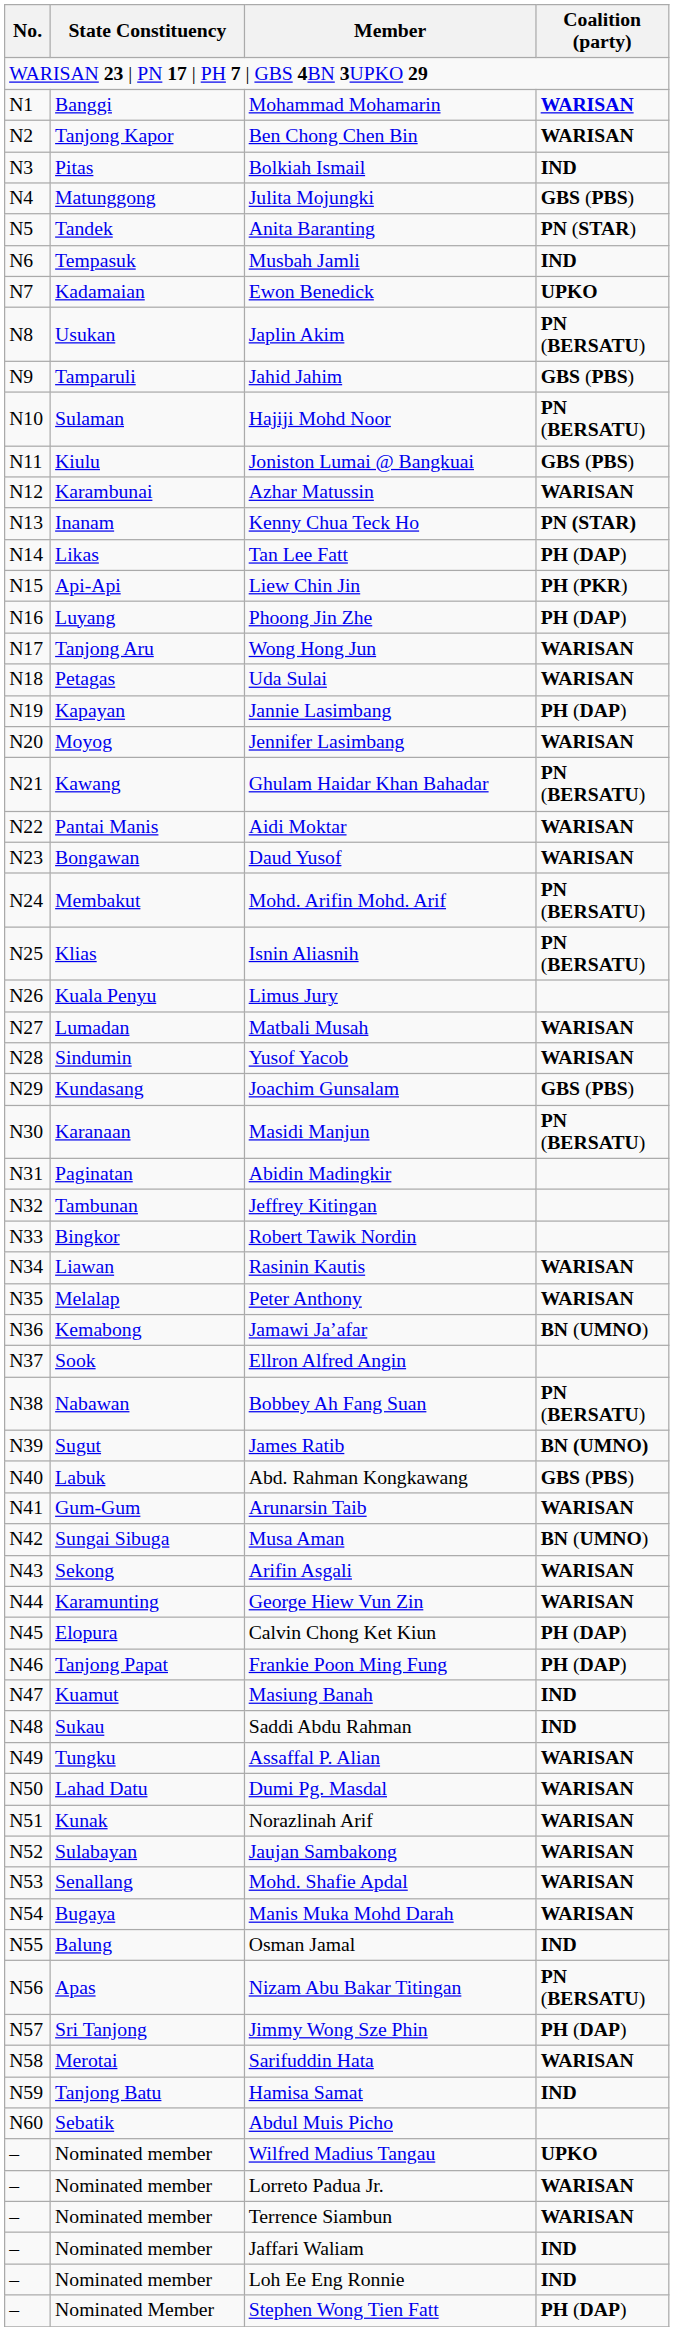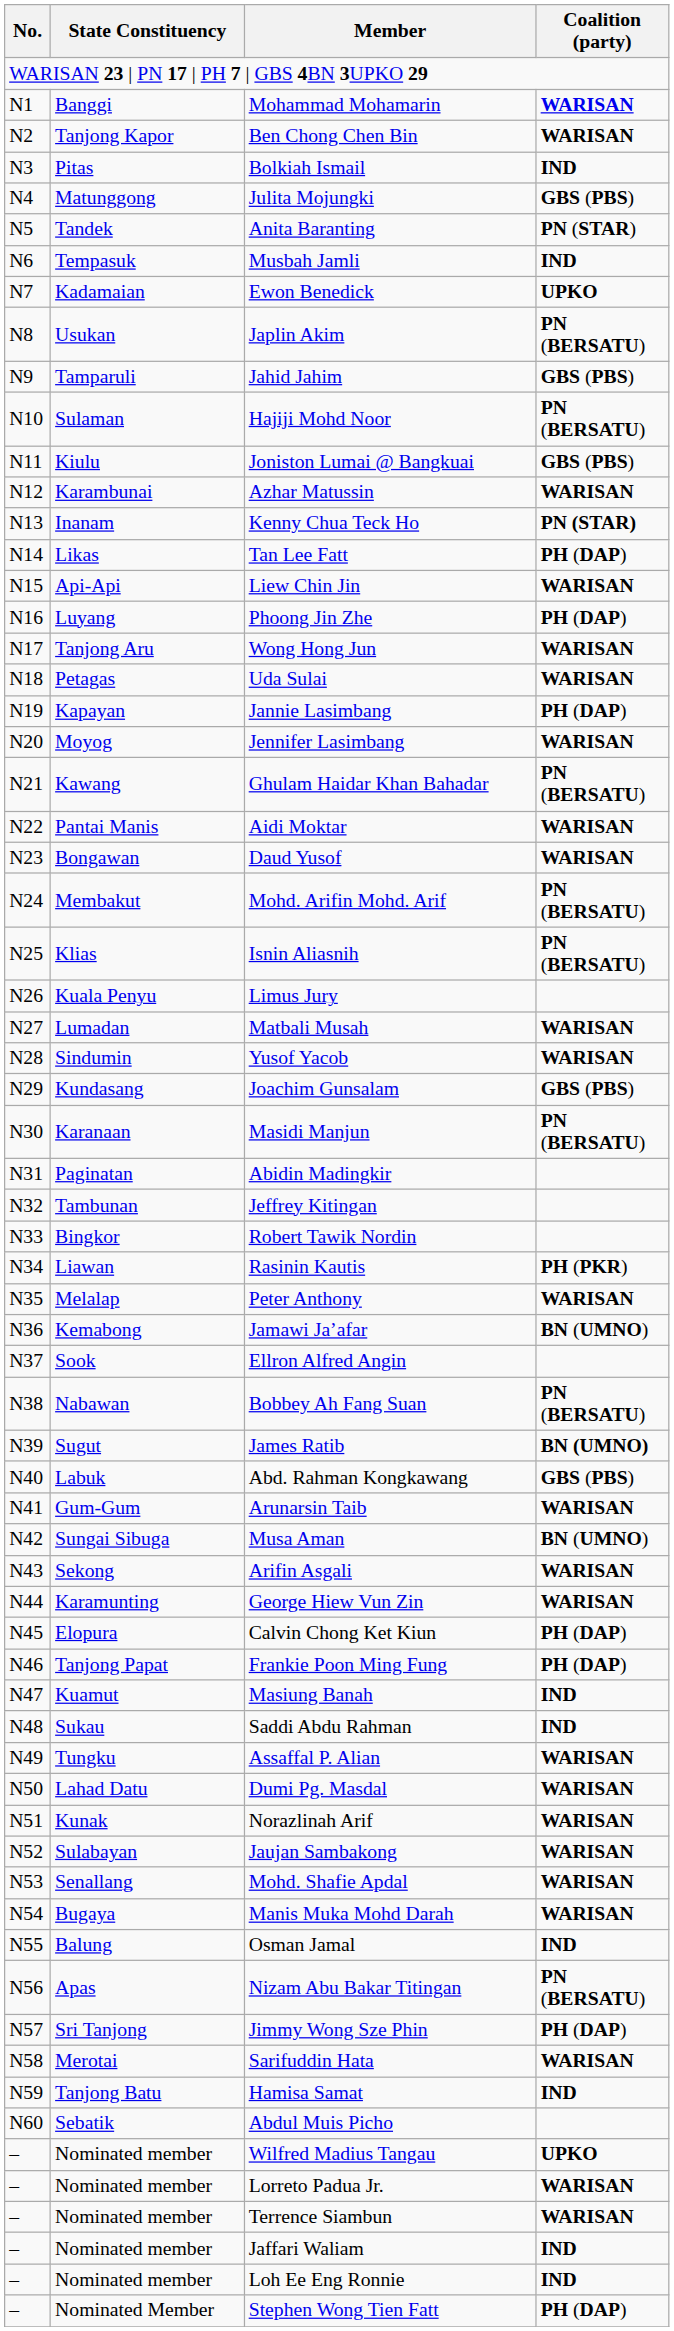 <table class="wikitable sortable">
 <tr>
 <th style="width:30px;">No.</th>
 <th style="width:150px;">State Constituency</th>
 <th style="width:230px;">Member</th>
 <th style="width:100px;">Coalition (party)</th>
 </tr>
 <tr>
 <td colspan="4"><a href='#'>WARISAN</a> <strong>23</strong> | <a href='#'>PN</a> <strong>17</strong> | <a href='#'>PH</a> <strong>7</strong> | <a href='#'>GBS</a> <strong>4</strong><a href='#'>BN</a> <strong>3</strong><a href='#'>UPKO</a> <strong>2</strong><strong>9</strong></td>
 </tr>
 <tr>
 <td>N1</td>
 <td><a href='#'>Banggi</a></td>
 <td><a href='#'>Mohammad Mohamarin</a><br></td>
 <td style="background:"><strong><a href='#'>WARISAN</a></strong></td>
 </tr>
 <tr>
 <td>N2</td>
 <td><a href='#'>Tanjong Kapor</a></td>
 <td><a href='#'>Ben Chong Chen Bin</a><br></td>
 <td style="background:"><strong>WARISAN</strong></td>
 </tr>
 <tr>
 <td>N3</td>
 <td><a href='#'>Pitas</a></td>
 <td><a href='#'>Bolkiah Ismail</a></td>
 <td style="background:"><strong>IND</strong></td>
 </tr>
 <tr>
 <td>N4</td>
 <td><a href='#'>Matunggong</a></td>
 <td><a href='#'>Julita Mojungki</a></td>
 <td style="background:"><strong>GBS</strong> (<strong>PBS</strong>)</td>
 </tr>
 <tr>
 <td>N5</td>
 <td><a href='#'>Tandek</a></td>
 <td><a href='#'>Anita Baranting</a></td>
 <td style="background:"><strong>PN</strong> (<strong>STAR</strong>)</td>
 </tr>
 <tr>
 <td>N6</td>
 <td><a href='#'>Tempasuk</a></td>
 <td><a href='#'>Musbah Jamli</a></td>
 <td style="background:"><strong>IND</strong></td>
 </tr>
 <tr>
 <td>N7</td>
 <td><a href='#'>Kadamaian</a></td>
 <td><a href='#'>Ewon Benedick</a></td>
 <td style="background:"><strong>UPKO</strong></td>
 </tr>
 <tr>
 <td>N8</td>
 <td><a href='#'>Usukan</a></td>
 <td><a href='#'>Japlin Akim</a></td>
 <td style="background:"><strong>PN</strong> (<strong>BERSATU</strong>)</td>
 </tr>
 <tr>
 <td>N9</td>
 <td><a href='#'>Tamparuli</a></td>
 <td><a href='#'>Jahid Jahim</a></td>
 <td style="background:"><strong>GBS</strong> (<strong>PBS</strong>)</td>
 </tr>
 <tr>
 <td>N10</td>
 <td><a href='#'>Sulaman</a></td>
 <td><a href='#'>Hajiji Mohd Noor</a></td>
 <td style="background:"><strong>PN</strong> (<strong>BERSATU</strong>)</td>
 </tr>
 <tr>
 <td>N11</td>
 <td><a href='#'>Kiulu</a></td>
 <td><a href='#'>Joniston Lumai @ Bangkuai</a></td>
 <td style="background:"><strong>GBS</strong> (<strong>PBS</strong>)</td>
 </tr>
 <tr>
 <td>N12</td>
 <td><a href='#'>Karambunai</a></td>
 <td><a href='#'>Azhar Matussin</a></td>
 <td style="background:"><strong>WARISAN</strong></td>
 </tr>
 <tr>
 <td>N13</td>
 <td><a href='#'>Inanam</a></td>
 <td><a href='#'>Kenny Chua Teck Ho</a></td>
 <td style="background:"><strong>PN (STAR)</strong></td>
 </tr>
 <tr>
 <td>N14</td>
 <td><a href='#'>Likas</a></td>
 <td><a href='#'>Tan Lee Fatt</a></td>
 <td style="background:"><strong>PH</strong> (<strong>DAP</strong>)</td>
 </tr>
 <tr>
 <td>N15</td>
 <td><a href='#'>Api-Api</a></td>
 <td><a href='#'>Liew Chin Jin</a></td>
-<td style="background:"><strong>PH</strong> (<strong>PKR</strong>)</td>
+<td style="background:"><strong>WARISAN</strong></td>
 </tr>
 <tr>
 <td>N16</td>
 <td><a href='#'>Luyang</a></td>
 <td><a href='#'>Phoong Jin Zhe</a></td>
 <td style="background:"><strong>PH</strong> (<strong>DAP</strong>)</td>
 </tr>
 <tr>
 <td>N17</td>
 <td><a href='#'>Tanjong Aru</a></td>
 <td><a href='#'>Wong Hong Jun</a></td>
 <td style="background:"><strong>WARISAN</strong></td>
 </tr>
 <tr>
 <td>N18</td>
 <td><a href='#'>Petagas</a></td>
 <td><a href='#'>Uda Sulai</a></td>
 <td style="background:"><strong>WARISAN</strong></td>
 </tr>
 <tr>
 <td>N19</td>
 <td><a href='#'>Kapayan</a></td>
 <td><a href='#'>Jannie Lasimbang</a></td>
 <td style="background:"><strong>PH</strong> (<strong>DAP</strong>)</td>
 </tr>
 <tr>
 <td>N20</td>
 <td><a href='#'>Moyog</a></td>
 <td><a href='#'>Jennifer Lasimbang</a></td>
 <td style="background:"><strong>WARISAN</strong></td>
 </tr>
 <tr>
 <td>N21</td>
 <td><a href='#'>Kawang</a></td>
 <td><a href='#'>Ghulam Haidar Khan Bahadar</a></td>
 <td style="background:"><strong>PN</strong> (<strong>BERSATU</strong>)</td>
 </tr>
 <tr>
 <td>N22</td>
 <td><a href='#'>Pantai Manis</a></td>
 <td><a href='#'>Aidi Moktar</a></td>
 <td style="background:"><strong>WARISAN</strong></td>
 </tr>
 <tr>
 <td>N23</td>
 <td><a href='#'>Bongawan</a></td>
 <td><a href='#'>Daud Yusof</a></td>
 <td style="background:"><strong>WARISAN</strong></td>
 </tr>
 <tr>
 <td>N24</td>
 <td><a href='#'>Membakut</a></td>
 <td><a href='#'>Mohd. Arifin Mohd. Arif</a></td>
 <td style="background:"><strong>PN</strong> (<strong>BERSATU</strong>)</td>
 </tr>
 <tr>
 <td>N25</td>
 <td><a href='#'>Klias</a></td>
 <td><a href='#'>Isnin Aliasnih</a></td>
 <td style="background:"><strong>PN</strong> (<strong>BERSATU</strong>)</td>
 </tr>
 <tr>
 <td>N26</td>
 <td><a href='#'>Kuala Penyu</a></td>
 <td><a href='#'>Limus Jury</a></td>
 <td style="background:"></td>
 </tr>
 <tr>
 <td>N27</td>
 <td><a href='#'>Lumadan</a></td>
 <td><a href='#'>Matbali Musah</a></td>
 <td style="background:"><strong>WARISAN</strong></td>
 </tr>
 <tr>
 <td>N28</td>
 <td><a href='#'>Sindumin</a></td>
 <td><a href='#'>Yusof Yacob</a></td>
 <td style="background:"><strong>WARISAN</strong></td>
 </tr>
 <tr>
 <td>N29</td>
 <td><a href='#'>Kundasang</a></td>
 <td><a href='#'>Joachim Gunsalam</a></td>
 <td style="background:"><strong>GBS</strong> (<strong>PBS</strong>)</td>
 </tr>
 <tr>
 <td>N30</td>
 <td><a href='#'>Karanaan</a></td>
 <td><a href='#'>Masidi Manjun</a></td>
 <td style="background:"><strong>PN</strong> (<strong>BERSATU</strong>)</td>
 </tr>
 <tr>
 <td>N31</td>
 <td><a href='#'>Paginatan</a></td>
 <td><a href='#'>Abidin Madingkir</a></td>
 <td style="background:"></td>
 </tr>
 <tr>
 <td>N32</td>
 <td><a href='#'>Tambunan</a></td>
 <td><a href='#'>Jeffrey Kitingan</a></td>
 <td style="background:"></td>
 </tr>
 <tr>
 <td>N33</td>
 <td><a href='#'>Bingkor</a></td>
 <td><a href='#'>Robert Tawik Nordin</a></td>
 <td style="background:"></td>
 </tr>
 <tr>
 <td>N34</td>
 <td><a href='#'>Liawan</a></td>
 <td><a href='#'>Rasinin Kautis</a></td>
-<td style="background:"><strong>WARISAN</strong></td>
+<td style="background:"><strong>PH</strong> (<strong>PKR</strong>)</td>
 </tr>
 <tr>
 <td>N35</td>
 <td><a href='#'>Melalap</a></td>
 <td><a href='#'>Peter Anthony</a></td>
 <td style="background:"><strong>WARISAN</strong></td>
 </tr>
 <tr>
 <td>N36</td>
 <td><a href='#'>Kemabong</a></td>
 <td><a href='#'>Jamawi Ja’afar</a></td>
 <td style="background:"><strong>BN</strong> (<strong>UMNO</strong>)</td>
 </tr>
 <tr>
 <td>N37</td>
 <td><a href='#'>Sook</a></td>
 <td><a href='#'>Ellron Alfred Angin</a></td>
 <td style="background:"></td>
 </tr>
 <tr>
 <td>N38</td>
 <td><a href='#'>Nabawan</a></td>
 <td><a href='#'>Bobbey Ah Fang Suan</a></td>
 <td style="background:"><strong>PN</strong> (<strong>BERSATU</strong>)</td>
 </tr>
 <tr>
 <td>N39</td>
 <td><a href='#'>Sugut</a></td>
 <td><a href='#'>James Ratib</a></td>
 <td style="background:"><strong>BN (UMNO)</strong></td>
 </tr>
 <tr>
 <td>N40</td>
 <td><a href='#'>Labuk</a></td>
 <td>Abd. Rahman Kongkawang</td>
 <td style="background:"><strong>GBS</strong> (<strong>PBS</strong>)</td>
 </tr>
 <tr>
 <td>N41</td>
 <td><a href='#'>Gum-Gum</a></td>
 <td><a href='#'>Arunarsin Taib</a></td>
 <td style="background:"><strong>WARISAN</strong></td>
 </tr>
 <tr>
 <td>N42</td>
 <td><a href='#'>Sungai Sibuga</a></td>
 <td><a href='#'>Musa Aman</a></td>
 <td style="background:"><strong>BN</strong> (<strong>UMNO</strong>)</td>
 </tr>
 <tr>
 <td>N43</td>
 <td><a href='#'>Sekong</a></td>
 <td><a href='#'>Arifin Asgali</a></td>
 <td style="background:"><strong>WARISAN</strong></td>
 </tr>
 <tr>
 <td>N44</td>
 <td><a href='#'>Karamunting</a></td>
 <td><a href='#'>George Hiew Vun Zin</a></td>
 <td style="background:"><strong>WARISAN</strong></td>
 </tr>
 <tr>
 <td>N45</td>
 <td><a href='#'>Elopura</a></td>
 <td>Calvin Chong Ket Kiun</td>
 <td style="background:"><strong>PH</strong> (<strong>DAP</strong>)</td>
 </tr>
 <tr>
 <td>N46</td>
 <td><a href='#'>Tanjong Papat</a></td>
 <td><a href='#'>Frankie Poon Ming Fung</a></td>
 <td style="background:"><strong>PH</strong> (<strong>DAP</strong>)</td>
 </tr>
 <tr>
 <td>N47</td>
 <td><a href='#'>Kuamut</a></td>
 <td><a href='#'>Masiung Banah</a></td>
 <td style="background:"><strong>IND</strong></td>
 </tr>
 <tr>
 <td>N48</td>
 <td><a href='#'>Sukau</a></td>
 <td>Saddi Abdu Rahman</td>
 <td style="background:"><strong>IND</strong></td>
 </tr>
 <tr>
 <td>N49</td>
 <td><a href='#'>Tungku</a></td>
 <td><a href='#'>Assaffal P. Alian</a></td>
 <td style="background:"><strong>WARISAN</strong></td>
 </tr>
 <tr>
 <td>N50</td>
 <td><a href='#'>Lahad Datu</a></td>
 <td><a href='#'>Dumi Pg. Masdal</a></td>
 <td style="background:"><strong>WARISAN</strong></td>
 </tr>
 <tr>
 <td>N51</td>
 <td><a href='#'>Kunak</a></td>
 <td>Norazlinah Arif</td>
 <td style="background:"><strong>WARISAN</strong></td>
 </tr>
 <tr>
 <td>N52</td>
 <td><a href='#'>Sulabayan</a></td>
 <td><a href='#'>Jaujan Sambakong</a></td>
 <td style="background:"><strong>WARISAN</strong></td>
 </tr>
 <tr>
 <td>N53</td>
 <td><a href='#'>Senallang</a></td>
 <td><a href='#'>Mohd. Shafie Apdal</a></td>
 <td style="background:"><strong>WARISAN</strong></td>
 </tr>
 <tr>
 <td>N54</td>
 <td><a href='#'>Bugaya</a></td>
 <td><a href='#'>Manis Muka Mohd Darah</a></td>
 <td style="background:"><strong>WARISAN</strong></td>
 </tr>
 <tr>
 <td>N55</td>
 <td><a href='#'>Balung</a></td>
 <td>Osman Jamal</td>
 <td style="background:"><strong>IND</strong></td>
 </tr>
 <tr>
 <td>N56</td>
 <td><a href='#'>Apas</a></td>
 <td><a href='#'>Nizam Abu Bakar Titingan</a></td>
 <td style="background:"><strong>PN</strong> (<strong>BERSATU</strong>)</td>
 </tr>
 <tr>
 <td>N57</td>
 <td><a href='#'>Sri Tanjong</a></td>
 <td><a href='#'>Jimmy Wong Sze Phin</a></td>
 <td style="background:"><strong>PH</strong> (<strong>DAP</strong>)</td>
 </tr>
 <tr>
 <td>N58</td>
 <td><a href='#'>Merotai</a></td>
 <td><a href='#'>Sarifuddin Hata</a></td>
 <td style="background:"><strong>WARISAN</strong></td>
 </tr>
 <tr>
 <td>N59</td>
 <td><a href='#'>Tanjong Batu</a></td>
 <td><a href='#'>Hamisa Samat</a></td>
 <td style="background:"><strong>IND</strong></td>
 </tr>
 <tr>
 <td>N60</td>
 <td><a href='#'>Sebatik</a></td>
 <td><a href='#'>Abdul Muis Picho</a></td>
 <td style="background:"></td>
 </tr>
 <tr>
 <td>–</td>
 <td>Nominated member</td>
 <td><a href='#'>Wilfred Madius Tangau</a></td>
 <td style="background:"><strong>UPKO</strong></td>
 </tr>
 <tr>
 <td>–</td>
 <td>Nominated member</td>
 <td>Lorreto Padua Jr.</td>
 <td style="background:"><strong>WARISAN</strong></td>
 </tr>
 <tr>
 <td>–</td>
 <td>Nominated member</td>
 <td>Terrence Siambun</td>
 <td style="background:"><strong>WARISAN</strong></td>
 </tr>
 <tr>
 <td>–</td>
 <td>Nominated member</td>
 <td>Jaffari Waliam</td>
 <td style="background:"><strong>IND</strong></td>
 </tr>
 <tr>
 <td>–</td>
 <td>Nominated member</td>
 <td>Loh Ee Eng Ronnie</td>
 <td style="background:"><strong>IND</strong></td>
 </tr>
 <tr>
 <td>–</td>
 <td>Nominated Member</td>
 <td><a href='#'>Stephen Wong Tien Fatt</a> </td>
 <td style="background:"><strong>PH</strong> (<strong>DAP</strong>)</td>
 </tr>
 </table>
